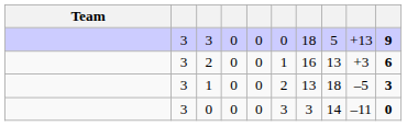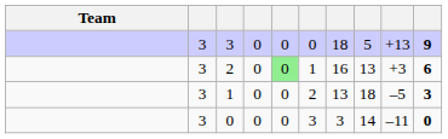 <table class="wikitable" style="text-align: center;">
 <tr>
 <th style="width:175px;">Team</th>
 <th width="20"></th>
 <th width="20"></th>
 <th width="20"></th>
 <th width="20"></th>
 <th width="20"></th>
 <th width="20"></th>
 <th width="20"></th>
 <th width="25"></th>
 <th width="20"></th>
 </tr>
 <tr style="background:#ccccff;">
 <td align=left></td>
 <td>3</td>
 <td>3</td>
 <td>0</td>
 <td>0</td>
 <td>0</td>
 <td>18</td>
 <td>5</td>
 <td>+13</td>
 <td><strong>9</strong></td>
 </tr>
 <tr>
 <td align=left></td>
 <td>3</td>
 <td>2</td>
 <td>0</td>
-<td>0</td>
+<td style="background: lightgreen;">0</td>
 <td>1</td>
 <td>16</td>
 <td>13</td>
 <td>+3</td>
 <td><strong>6</strong></td>
 </tr>
 <tr>
 <td align=left></td>
 <td>3</td>
 <td>1</td>
 <td>0</td>
 <td>0</td>
 <td>2</td>
 <td>13</td>
 <td>18</td>
 <td>–5</td>
 <td><strong>3</strong></td>
 </tr>
 <tr>
 <td align=left></td>
 <td>3</td>
 <td>0</td>
 <td>0</td>
 <td>0</td>
 <td>3</td>
 <td>3</td>
 <td>14</td>
 <td>–11</td>
 <td><strong>0</strong></td>
 </tr>
 </table>
